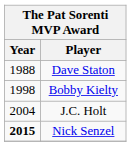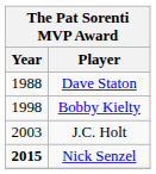 <table class="wikitable" style="display: inline-table; margin-right: 20px; text-align:center">
 <tr>
 <th scope="col" colspan="2" style="width: 145px;">The Pat Sorenti MVP Award</th>
 </tr>
 <tr>
 <th scope="col">Year</th>
 <th scope="col">Player</th>
 </tr>
 <tr>
 <td>1988</td>
 <td><a href='#'>Dave Staton</a></td>
 </tr>
 <tr>
 <td>1998</td>
 <td><a href='#'>Bobby Kielty</a></td>
 </tr>
 <tr>
-<td>2004</td>
+<td>2003</td>
 <td>J.C. Holt</td>
 </tr>
 <tr>
 <td><strong>2015</strong></td>
 <td><a href='#'>Nick Senzel</a></td>
 </tr>
 <tr>
 </tr>
 </table>
